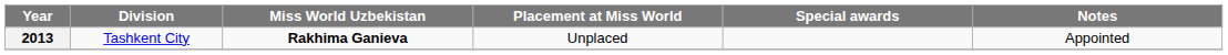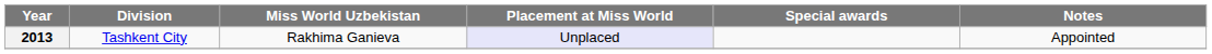 <table class="wikitable" style="font-size: 92%; text-align:center">
 <tr>
 <th width="60" style="background-color:#787878;color:#FFFFFF;">Year</th>
 <th width="150" style="background-color:#787878;color:#FFFFFF;">Division</th>
 <th width="250" style="background-color:#787878;color:#FFFFFF;">Miss World Uzbekistan</th>
 <th width="250" style="background-color:#787878;color:#FFFFFF;">Placement at Miss World</th>
 <th width="250" style="background-color:#787878;color:#FFFFFF;">Special awards</th>
 <th width="250" style="background-color:#787878;color:#FFFFFF;">Notes</th>
 </tr>
 <tr style="background-color:#FFFF99;">
 </tr>
 <tr>
 <th>2013</th>
 <td><a href='#'>Tashkent City</a></td>
-<td><strong>Rakhima Ganieva</strong></td>
-<td>Unplaced</td>
+<td>Rakhima Ganieva</td>
+<td style="background: lavender;">Unplaced</td>
 <td></td>
 <td>Appointed</td>
 </tr>
 <tr>
 </tr>
 </table>
